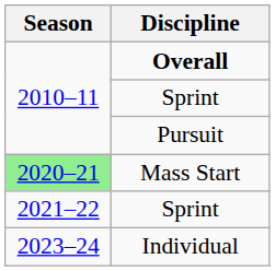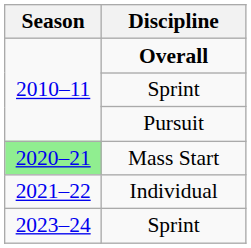 <table class="wikitable">
 <tr>
 <th style="width:65px"><strong>Season</strong></th>
 <th style="width:100px"><strong>Discipline</strong></th>
 </tr>
 <tr>
 <td rowspan=3 align=center><a href='#'>2010–11</a></td>
 <td align=center><strong>Overall</strong></td>
 </tr>
 <tr>
 <td align=center>Sprint</td>
 </tr>
 <tr>
 <td align=center>Pursuit</td>
 </tr>
 <tr>
 <td align=center style="background: lightgreen;"><a href='#'>2020–21</a></td>
 <td align=center>Mass Start</td>
 </tr>
 <tr>
 <td align=center><a href='#'>2021–22</a></td>
-<td align=center>Sprint</td>
+<td align=center>Individual</td>
 </tr>
 <tr>
 <td align=center><a href='#'>2023–24</a></td>
-<td align=center>Individual</td>
+<td align=center>Sprint</td>
 </tr>
 </table>
